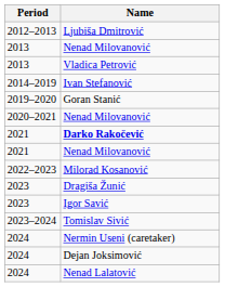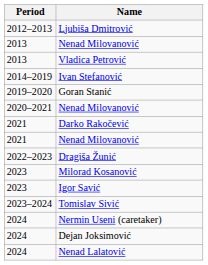 <table class="wikitable">
 <tr>
 <th width="75">Period</th>
 <th width="225">Name</th>
 </tr>
 <tr>
 <td>2012–2013</td>
 <td> <a href='#'>Ljubiša Dmitrović</a></td>
 </tr>
 <tr>
 <td>2013</td>
 <td> <a href='#'>Nenad Milovanović</a></td>
 </tr>
 <tr>
 <td>2013</td>
 <td> <a href='#'>Vladica Petrović</a></td>
 </tr>
 <tr>
 <td>2014–2019</td>
 <td> <a href='#'>Ivan Stefanović</a></td>
 </tr>
 <tr>
 <td>2019–2020</td>
 <td> Goran Stanić</td>
 </tr>
 <tr>
 <td>2020–2021</td>
 <td> <a href='#'>Nenad Milovanović</a></td>
 </tr>
 <tr>
 <td>2021</td>
-<td><strong> <a href='#'>Darko Rakočević</a></strong></td>
+<td> <a href='#'>Darko Rakočević</a></td>
 </tr>
 <tr>
 <td>2021</td>
 <td> <a href='#'>Nenad Milovanović</a></td>
 </tr>
 <tr>
 <td>2022–2023</td>
-<td> <a href='#'>Milorad Kosanović</a></td>
+<td> <a href='#'>Dragiša Žunić</a></td>
 </tr>
 <tr>
 <td>2023</td>
-<td> <a href='#'>Dragiša Žunić</a></td>
+<td> <a href='#'>Milorad Kosanović</a></td>
 </tr>
 <tr>
 <td>2023</td>
 <td> <a href='#'>Igor Savić</a></td>
 </tr>
 <tr>
 <td>2023–2024</td>
 <td> <a href='#'>Tomislav Sivić</a></td>
 </tr>
 <tr>
 <td>2024</td>
 <td> <a href='#'>Nermin Useni</a> (caretaker)</td>
 </tr>
 <tr>
 <td>2024</td>
 <td> Dejan Joksimović</td>
 </tr>
 <tr>
 <td>2024</td>
 <td> <a href='#'>Nenad Lalatović</a></td>
 </tr>
 </table>
